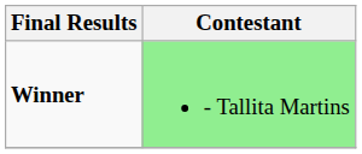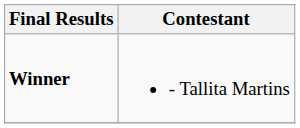 <table class="wikitable">
 <tr>
 <th>Final Results</th>
 <th>Contestant</th>
 </tr>
 <tr>
 <td><strong>Winner</strong></td>
-<td style="background: lightgreen;"><br><ul><li><strong></strong> - Tallita Martins</li></ul></td>
+<td><br><ul><li><strong></strong> - Tallita Martins</li></ul></td>
 </tr>
 <tr>
 </tr>
 </table>
